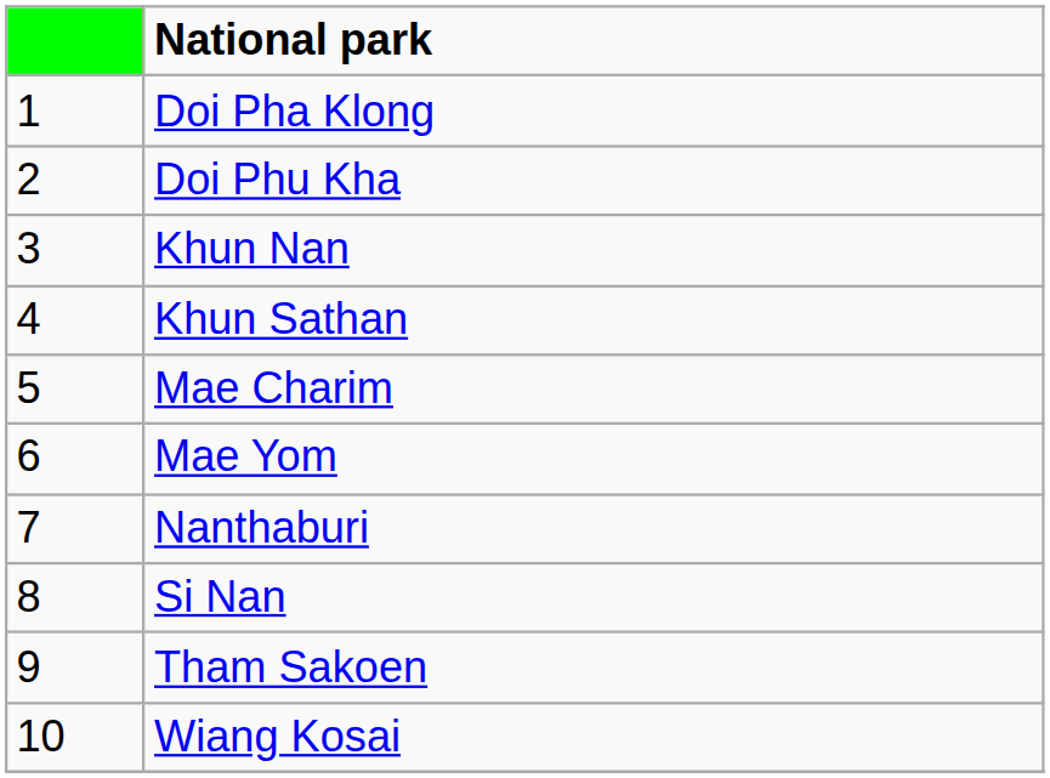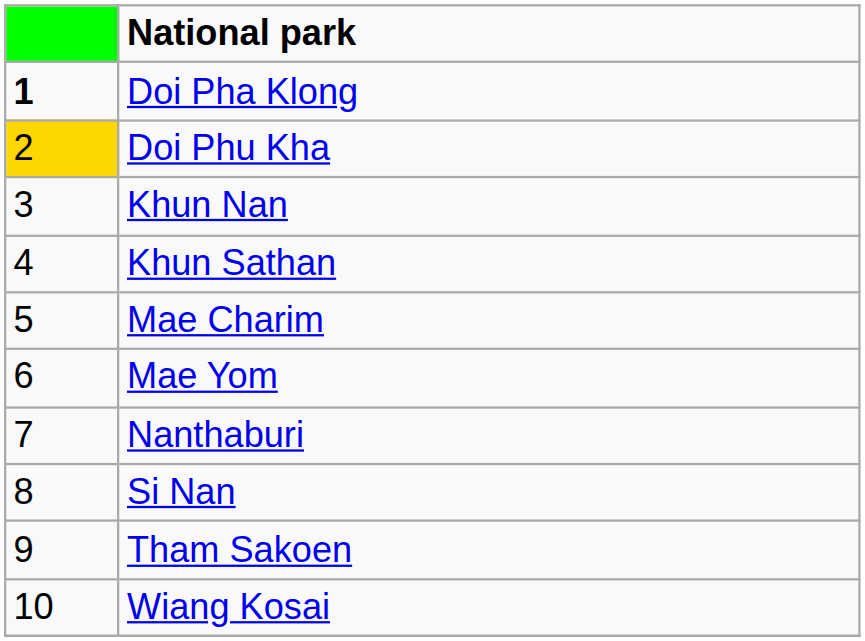 <table class= "wikitable" style= "width:30%; display:inline-table;">
 <tr>
 <td style="width:3%; background:#00FF00;"> </td>
 <td style="width:27%;"><strong>National park</strong></td>
 </tr>
 <tr>
-<td>1</td>
+<td><strong>1</strong></td>
 <td><a href='#'>Doi Pha Klong</a></td>
 </tr>
 <tr>
-<td>2</td>
+<td style="background: gold;">2</td>
 <td><a href='#'>Doi Phu Kha</a></td>
 </tr>
 <tr>
 <td>3</td>
 <td><a href='#'>Khun Nan</a></td>
 </tr>
 <tr>
 <td>4</td>
 <td><a href='#'>Khun Sathan</a></td>
 </tr>
 <tr>
 <td>5</td>
 <td><a href='#'>Mae Charim</a></td>
 </tr>
 <tr>
 <td>6</td>
 <td><a href='#'>Mae Yom</a></td>
 </tr>
 <tr>
 <td>7</td>
 <td><a href='#'>Nanthaburi</a></td>
 </tr>
 <tr>
 <td>8</td>
 <td><a href='#'>Si Nan</a></td>
 </tr>
 <tr>
 <td>9</td>
 <td><a href='#'>Tham Sakoen</a></td>
 </tr>
 <tr>
 <td>10</td>
 <td><a href='#'>Wiang Kosai</a></td>
 </tr>
 <tr>
 </tr>
 </table>
